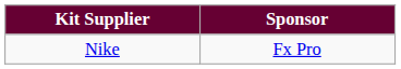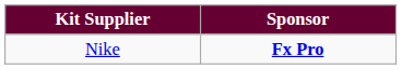 <table class="wikitable"  style="text-align:center; font-size:90%; ">
 <tr>
 <th style="background:#660033;color:#FFFFFF; width:150px;">Kit Supplier</th>
 <th style="background:#660033;color:#FFFFFF; width:150px;">Sponsor</th>
 </tr>
 <tr>
 <td><a href='#'>Nike</a></td>
-<td><a href='#'>Fx Pro</a></td>
+<td><strong><a href='#'>Fx Pro</a></strong></td>
 </tr>
 </table>
